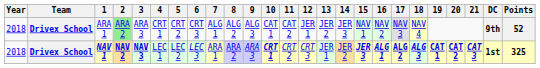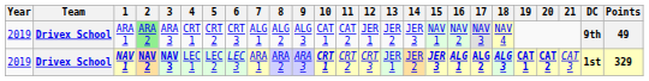 <table class="wikitable" style="text-align:center; font-size:85%">
 <tr>
 <th>Year</th>
 <th>Team</th>
 <th>1</th>
 <th>2</th>
 <th>3</th>
 <th>4</th>
 <th>5</th>
 <th>6</th>
 <th>7</th>
 <th>8</th>
 <th>9</th>
 <th>10</th>
 <th>11</th>
 <th>12</th>
 <th>13</th>
 <th>14</th>
 <th>15</th>
 <th>16</th>
 <th>17</th>
 <th>18</th>
 <th>19</th>
 <th>20</th>
 <th>21</th>
 <th>DC</th>
 <th>Points</th>
 </tr>
 <tr>
-<td><a href='#'>2018</a></td>
+<td><a href='#'>2019</a></td>
 <th nowrap><a href='#'>Drivex School</a></th>
 <td><a href='#'>ARA<br>1</a></td>
 <td style="background: lightgreen;"><a href='#'>ARA<br>2</a></td>
 <td><a href='#'>ARA<br>3</a></td>
 <td><a href='#'>CRT<br>1</a></td>
 <td><a href='#'>CRT<br>2</a></td>
 <td><a href='#'>CRT<br>3</a></td>
 <td><a href='#'>ALG<br>1</a></td>
 <td><a href='#'>ALG<br>2</a></td>
 <td><a href='#'>ALG<br>3</a></td>
 <td><a href='#'>CAT<br>1</a></td>
 <td><a href='#'>CAT<br>2</a></td>
 <td><a href='#'>JER<br>1</a></td>
 <td><a href='#'>JER<br>2</a></td>
 <td><a href='#'>JER<br>3</a></td>
 <td style="background:#DFFFDF;"><a href='#'>NAV<br>1</a><br></td>
 <td style="background:#DFFFDF;"><a href='#'>NAV<br>2</a><br></td>
 <td style="background:#DFDFDF;"><a href='#'>NAV<br>3</a><br></td>
 <td style="background:#FFFFBF;"><a href='#'>NAV<br>4</a><br></td>
 <td colspan=3></td>
 <th>9th</th>
-<th>52</th>
+<th>49</th>
 </tr>
 <tr>
-<td><a href='#'>2018</a></td>
+<td><a href='#'>2019</a></td>
 <th nowrap><a href='#'>Drivex School</a></th>
 <td style="background:#FFFFBF;"><strong><em><a href='#'>NAV<br>1</a></em></strong><br></td>
 <td style="background:#FFDF9F;"><strong><a href='#'>NAV<br>2</a></strong><br></td>
 <td style="background:#DFFFDF;"><strong><a href='#'>NAV<br>3</a></strong><br></td>
 <td style="background:#DFFFDF;"><a href='#'>LEC<br>1</a><br></td>
 <td style="background:#DFFFDF;"><a href='#'>LEC<br>2</a><br></td>
 <td style="background:#DFFFDF;"><em><a href='#'>LEC<br>3</a></em><br></td>
 <td style="background:#FFFFBF;"><a href='#'>ARA<br>1</a><br></td>
 <td style="background:#CFCFFF;"><a href='#'>ARA<br>2</a><br></td>
 <td style="background:#CFCFFF;"><em><a href='#'>ARA<br>3</a></em><br></td>
 <td style="background:#FFFFBF;"><strong><em><a href='#'>CRT<br>1</a></em></strong><br></td>
 <td style="background:#FFFFBF;"><em><a href='#'>CRT<br>2</a></em><br></td>
 <td style="background:#FFFFBF;"><em><a href='#'>CRT<br>3</a></em><br></td>
 <td style="background:#DFFFDF;"><a href='#'>JER<br>1</a><br></td>
 <td style="background:#FFDF9F;"><a href='#'>JER<br>2</a><br></td>
 <td style="background:#FFFFBF;"><strong><em><a href='#'>JER<br>3</a></em></strong><br></td>
 <td style="background:#FFFFBF;"><strong><em><a href='#'>ALG<br>1</a></em></strong><br></td>
 <td style="background:#FFFFBF;"><strong><a href='#'>ALG<br>2</a></strong><br></td>
 <td style="background:#DFFFDF;"><strong><em><a href='#'>ALG<br>3</a></em></strong><br></td>
 <td style="background:#FFFFBF;"><strong><a href='#'>CAT<br>1</a></strong><br></td>
 <td style="background:#FFFFBF;"><strong><a href='#'>CAT<br>2</a></strong><br></td>
-<td style="background:#FFFFBF;"><strong><em><a href='#'>CAT<br>3</a></em><br></strong></td>
+<td style="background:#FFFFBF;"><em><a href='#'>CAT<br>3</a></em><br></td>
 <th style="background:#FFFFBF;">1st</th>
-<th style="background:#FFFFBF;">325</th>
+<th style="background:#FFFFBF;">329</th>
 </tr>
 </table>
